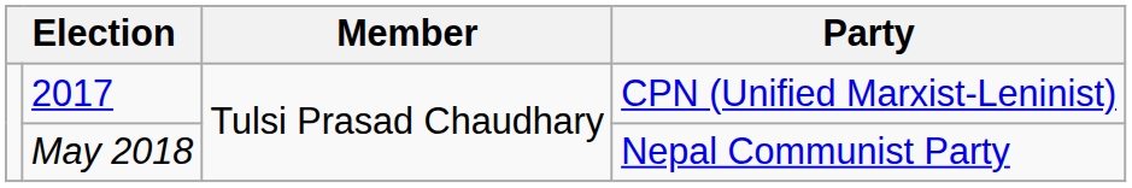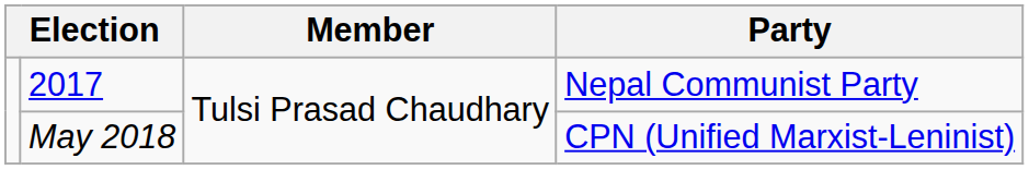 <table class="wikitable">
 <tr>
 <th colspan="2">Election</th>
 <th>Member</th>
 <th>Party</th>
 </tr>
 <tr>
 <td rowspan="2" style="background-color:"></td>
 <td><a href='#'>2017</a></td>
 <td rowspan="2">Tulsi Prasad Chaudhary</td>
-<td><a href='#'>CPN (Unified Marxist-Leninist)</a></td>
+<td><a href='#'>Nepal Communist Party</a></td>
 </tr>
 <tr>
 <td><em>May 2018</em></td>
-<td><a href='#'>Nepal Communist Party</a></td>
+<td><a href='#'>CPN (Unified Marxist-Leninist)</a></td>
 </tr>
 </table>
